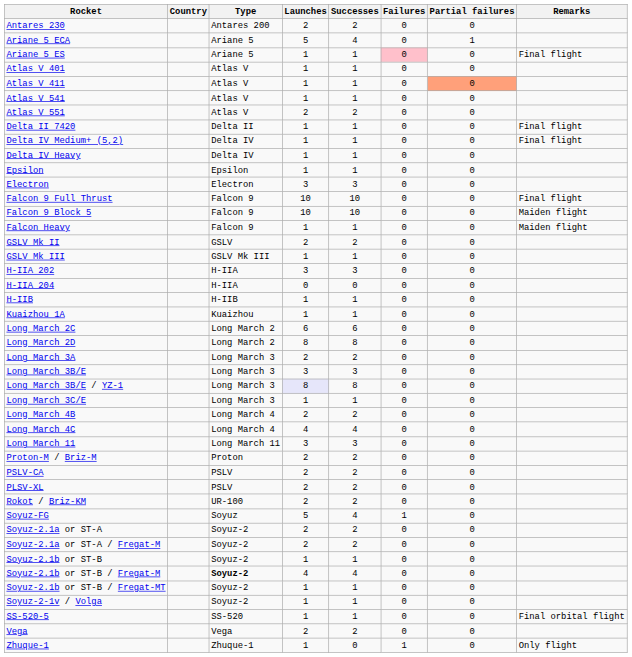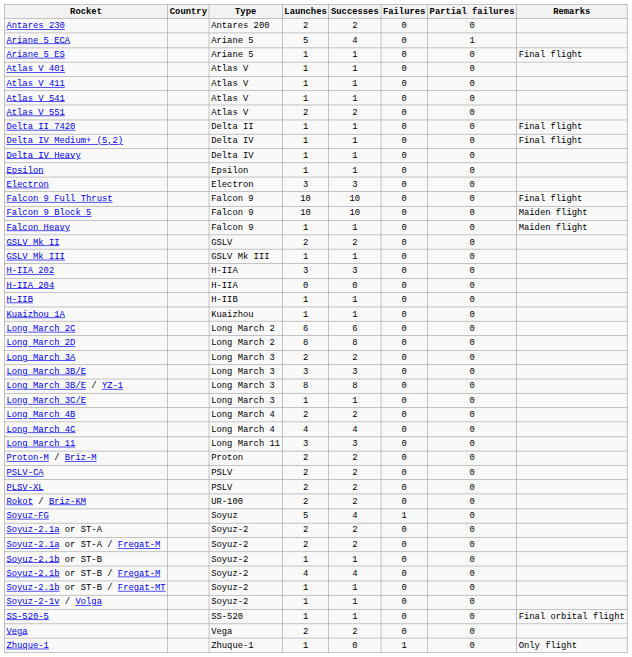 <table class="wikitable sortable collapsible collapsed" style="text-align:center;">
 <tr>
 <th>Rocket</th>
 <th>Country</th>
 <th>Type</th>
 <th>Launches</th>
 <th>Successes</th>
 <th>Failures</th>
 <th>Partial failures</th>
 <th>Remarks</th>
 </tr>
 <tr>
 <td align=left><a href='#'>Antares 230</a></td>
 <td align=left></td>
 <td align=left>Antares 200</td>
 <td>2</td>
 <td>2</td>
 <td>0</td>
 <td>0</td>
 <td></td>
 </tr>
 <tr>
 <td align=left><a href='#'>Ariane 5 ECA</a></td>
 <td align=left></td>
 <td align=left>Ariane 5</td>
 <td>5</td>
 <td>4</td>
 <td>0</td>
 <td>1</td>
 <td></td>
 </tr>
 <tr>
 <td align=left><a href='#'>Ariane 5 ES</a></td>
 <td align=left></td>
 <td align=left>Ariane 5</td>
 <td>1</td>
 <td>1</td>
-<td style="background: pink;">0</td>
+<td>0</td>
 <td>0</td>
 <td align=left>Final flight</td>
 </tr>
 <tr>
 <td align=left><a href='#'>Atlas V 401</a></td>
 <td align=left></td>
 <td align=left>Atlas V</td>
 <td>1</td>
 <td>1</td>
 <td>0</td>
 <td>0</td>
 <td></td>
 </tr>
 <tr>
 <td align=left><a href='#'>Atlas V 411</a></td>
 <td align=left></td>
 <td align=left>Atlas V</td>
 <td>1</td>
 <td>1</td>
 <td>0</td>
-<td style="background: lightsalmon;">0</td>
+<td>0</td>
 <td></td>
 </tr>
 <tr>
 <td align=left><a href='#'>Atlas V 541</a></td>
 <td align=left></td>
 <td align=left>Atlas V</td>
 <td>1</td>
 <td>1</td>
 <td>0</td>
 <td>0</td>
 <td></td>
 </tr>
 <tr>
 <td align=left><a href='#'>Atlas V 551</a></td>
 <td align=left></td>
 <td align=left>Atlas V</td>
 <td>2</td>
 <td>2</td>
 <td>0</td>
 <td>0</td>
 <td></td>
 </tr>
 <tr>
 <td align=left><a href='#'>Delta II 7420</a></td>
 <td align=left></td>
 <td align=left>Delta II</td>
 <td>1</td>
 <td>1</td>
 <td>0</td>
 <td>0</td>
 <td align=left>Final flight</td>
 </tr>
 <tr>
 <td align=left><a href='#'>Delta IV Medium+ (5,2)</a></td>
 <td align=left></td>
 <td align=left>Delta IV</td>
 <td>1</td>
 <td>1</td>
 <td>0</td>
 <td>0</td>
 <td align=left>Final flight</td>
 </tr>
 <tr>
 <td align=left><a href='#'>Delta IV Heavy</a></td>
 <td align=left></td>
 <td align=left>Delta IV</td>
 <td>1</td>
 <td>1</td>
 <td>0</td>
 <td>0</td>
 <td></td>
 </tr>
 <tr>
 <td align=left><a href='#'>Epsilon</a></td>
 <td align=left></td>
 <td align=left>Epsilon</td>
 <td>1</td>
 <td>1</td>
 <td>0</td>
 <td>0</td>
 <td></td>
 </tr>
 <tr>
 <td align=left><a href='#'>Electron</a></td>
 <td align=left></td>
 <td align=left>Electron</td>
 <td>3</td>
 <td>3</td>
 <td>0</td>
 <td>0</td>
 <td></td>
 </tr>
 <tr>
 <td align=left><a href='#'>Falcon 9 Full Thrust</a></td>
 <td align=left></td>
 <td align=left>Falcon 9</td>
 <td>10</td>
 <td>10</td>
 <td>0</td>
 <td>0</td>
 <td align=left>Final flight</td>
 </tr>
 <tr>
 <td align=left><a href='#'>Falcon 9 Block 5</a></td>
 <td align=left></td>
 <td align=left>Falcon 9</td>
 <td>10</td>
 <td>10</td>
 <td>0</td>
 <td>0</td>
 <td align=left>Maiden flight</td>
 </tr>
 <tr>
 <td align=left><a href='#'>Falcon Heavy</a></td>
 <td align=left></td>
 <td align=left>Falcon 9</td>
 <td>1</td>
 <td>1</td>
 <td>0</td>
 <td>0</td>
 <td align=left>Maiden flight</td>
 </tr>
 <tr>
 <td align=left><a href='#'>GSLV Mk II</a></td>
 <td align=left></td>
 <td align=left>GSLV</td>
 <td>2</td>
 <td>2</td>
 <td>0</td>
 <td>0</td>
 <td></td>
 </tr>
 <tr>
 <td align=left><a href='#'>GSLV Mk III</a></td>
 <td align=left></td>
 <td align=left>GSLV Mk III</td>
 <td>1</td>
 <td>1</td>
 <td>0</td>
 <td>0</td>
 <td></td>
 </tr>
 <tr>
 <td align=left><a href='#'>H-IIA 202</a></td>
 <td align=left></td>
 <td align=left>H-IIA</td>
 <td>3</td>
 <td>3</td>
 <td>0</td>
 <td>0</td>
 <td></td>
 </tr>
 <tr>
 <td align=left><a href='#'>H-IIA 204</a></td>
 <td align=left></td>
 <td align=left>H-IIA</td>
 <td>0</td>
 <td>0</td>
 <td>0</td>
 <td>0</td>
 <td></td>
 </tr>
 <tr>
 <td align=left><a href='#'>H-IIB</a></td>
 <td align=left></td>
 <td align=left>H-IIB</td>
 <td>1</td>
 <td>1</td>
 <td>0</td>
 <td>0</td>
 <td></td>
 </tr>
 <tr>
 <td align=left><a href='#'>Kuaizhou 1A</a></td>
 <td align=left></td>
 <td align=left>Kuaizhou</td>
 <td>1</td>
 <td>1</td>
 <td>0</td>
 <td>0</td>
 <td></td>
 </tr>
 <tr>
 <td align=left><a href='#'>Long March 2C</a></td>
 <td align=left></td>
 <td align=left>Long March 2</td>
 <td>6</td>
 <td>6</td>
 <td>0</td>
 <td>0</td>
 <td></td>
 </tr>
 <tr>
 <td align=left><a href='#'>Long March 2D</a></td>
 <td align=left></td>
 <td align=left>Long March 2</td>
 <td>8</td>
 <td>8</td>
 <td>0</td>
 <td>0</td>
 <td></td>
 </tr>
 <tr>
 <td align=left><a href='#'>Long March 3A</a></td>
 <td align=left></td>
 <td align=left>Long March 3</td>
 <td>2</td>
 <td>2</td>
 <td>0</td>
 <td>0</td>
 <td></td>
 </tr>
 <tr>
 <td align=left><a href='#'>Long March 3B/E</a></td>
 <td align=left></td>
 <td align=left>Long March 3</td>
 <td>3</td>
 <td>3</td>
 <td>0</td>
 <td>0</td>
 <td></td>
 </tr>
 <tr>
 <td align=left><a href='#'>Long March 3B/E</a> / <a href='#'>YZ-1</a></td>
 <td align=left></td>
 <td align=left>Long March 3</td>
-<td style="background: lavender;">8</td>
+<td>8</td>
 <td>8</td>
 <td>0</td>
 <td>0</td>
 <td></td>
 </tr>
 <tr>
 <td align=left><a href='#'>Long March 3C/E</a></td>
 <td align=left></td>
 <td align=left>Long March 3</td>
 <td>1</td>
 <td>1</td>
 <td>0</td>
 <td>0</td>
 <td></td>
 </tr>
 <tr>
 <td align=left><a href='#'>Long March 4B</a></td>
 <td align=left></td>
 <td align=left>Long March 4</td>
 <td>2</td>
 <td>2</td>
 <td>0</td>
 <td>0</td>
 <td></td>
 </tr>
 <tr>
 <td align=left><a href='#'>Long March 4C</a></td>
 <td align=left></td>
 <td align=left>Long March 4</td>
 <td>4</td>
 <td>4</td>
 <td>0</td>
 <td>0</td>
 <td></td>
 </tr>
 <tr>
 <td align=left><a href='#'>Long March 11</a></td>
 <td align=left></td>
 <td align=left>Long March 11</td>
 <td>3</td>
 <td>3</td>
 <td>0</td>
 <td>0</td>
 <td></td>
 </tr>
 <tr>
 <td align=left><a href='#'>Proton-M</a> / <a href='#'>Briz-M</a></td>
 <td align=left></td>
 <td align=left>Proton</td>
 <td>2</td>
 <td>2</td>
 <td>0</td>
 <td>0</td>
 <td></td>
 </tr>
 <tr>
 <td align=left><a href='#'>PSLV-CA</a></td>
 <td align=left></td>
 <td align=left>PSLV</td>
 <td>2</td>
 <td>2</td>
 <td>0</td>
 <td>0</td>
 <td></td>
 </tr>
 <tr>
 <td align=left><a href='#'>PLSV-XL</a></td>
 <td align=left></td>
 <td align=left>PSLV</td>
 <td>2</td>
 <td>2</td>
 <td>0</td>
 <td>0</td>
 <td></td>
 </tr>
 <tr>
 <td align=left><a href='#'>Rokot</a> / <a href='#'>Briz-KM</a></td>
 <td align=left></td>
 <td align=left>UR-100</td>
 <td>2</td>
 <td>2</td>
 <td>0</td>
 <td>0</td>
 <td></td>
 </tr>
 <tr>
 <td align=left><a href='#'>Soyuz-FG</a></td>
 <td align=left></td>
 <td align=left>Soyuz</td>
 <td>5</td>
 <td>4</td>
 <td>1</td>
 <td>0</td>
 <td></td>
 </tr>
 <tr>
 <td align=left><a href='#'>Soyuz-2.1a</a> or ST-A</td>
 <td align=left></td>
 <td align=left>Soyuz-2</td>
 <td>2</td>
 <td>2</td>
 <td>0</td>
 <td>0</td>
 <td></td>
 </tr>
 <tr>
 <td align=left><a href='#'>Soyuz-2.1a</a> or ST-A / <a href='#'>Fregat-M</a></td>
 <td align=left></td>
 <td align=left>Soyuz-2</td>
 <td>2</td>
 <td>2</td>
 <td>0</td>
 <td>0</td>
 <td></td>
 </tr>
 <tr>
 <td align=left><a href='#'>Soyuz-2.1b</a> or ST-B</td>
 <td align=left></td>
 <td align=left>Soyuz-2</td>
 <td>1</td>
 <td>1</td>
 <td>0</td>
 <td>0</td>
 <td></td>
 </tr>
 <tr>
 <td align=left><a href='#'>Soyuz-2.1b</a> or ST-B / <a href='#'>Fregat-M</a></td>
 <td align=left></td>
-<td align=left><strong>Soyuz-2</strong></td>
+<td align=left>Soyuz-2</td>
 <td>4</td>
 <td>4</td>
 <td>0</td>
 <td>0</td>
 <td></td>
 </tr>
 <tr>
 <td align=left><a href='#'>Soyuz-2.1b</a> or ST-B / <a href='#'>Fregat-MT</a></td>
 <td align=left></td>
 <td align=left>Soyuz-2</td>
 <td>1</td>
 <td>1</td>
 <td>0</td>
 <td>0</td>
 <td></td>
 </tr>
 <tr>
 <td align=left><a href='#'>Soyuz-2-1v</a> / <a href='#'>Volga</a></td>
 <td align=left></td>
 <td align=left>Soyuz-2</td>
 <td>1</td>
 <td>1</td>
 <td>0</td>
 <td>0</td>
 <td></td>
 </tr>
 <tr>
 <td align=left><a href='#'>SS-520-5</a></td>
 <td align=left></td>
 <td align=left>SS-520</td>
 <td>1</td>
 <td>1</td>
 <td>0</td>
 <td>0</td>
 <td align=left>Final orbital flight</td>
 </tr>
 <tr>
 <td align=left><a href='#'>Vega</a></td>
 <td align=left></td>
 <td align=left>Vega</td>
 <td>2</td>
 <td>2</td>
 <td>0</td>
 <td>0</td>
 <td></td>
 </tr>
 <tr>
 <td align=left><a href='#'>Zhuque-1</a></td>
 <td align=left></td>
 <td align=left>Zhuque-1</td>
 <td>1</td>
 <td>0</td>
 <td>1</td>
 <td>0</td>
 <td align=left>Only flight</td>
 </tr>
 </table>
